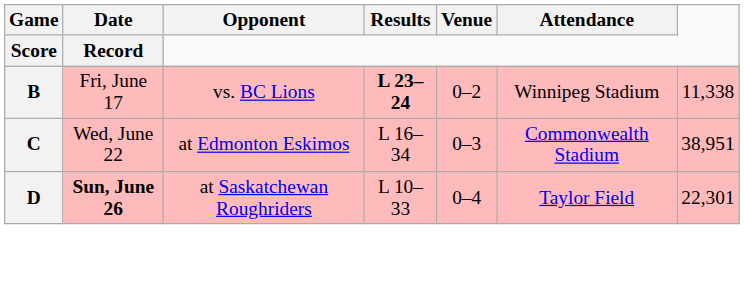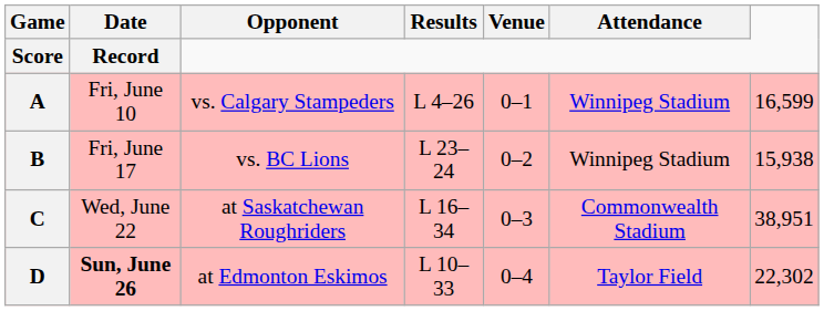 <table class="wikitable" style="text-align:center">
 <tr>
 <th>Game</th>
 <th>Date</th>
 <th>Opponent</th>
 <th>Results</th>
 <th>Venue</th>
 <th>Attendance</th>
 </tr>
 <tr>
 <th>Score</th>
 <th>Record</th>
 </tr>
 <tr style="background:#ffbbbb">
+<th>A</th>
+<td>Fri, June 10</td>
+<td>vs. <a href='#'>Calgary Stampeders</a></td>
+<td>L 4–26</td>
+<td>0–1</td>
+<td><a href='#'>Winnipeg Stadium</a></td>
+<td>16,599</td>
+</tr>
+<tr style="background:#ffbbbb">
 <th>B</th>
 <td>Fri, June 17</td>
 <td>vs. <a href='#'>BC Lions</a></td>
-<td><strong>L 23–24</strong></td>
+<td>L 23–24</td>
 <td>0–2</td>
 <td>Winnipeg Stadium</td>
-<td>11,338</td>
+<td>15,938</td>
 </tr>
 <tr style="background:#ffbbbb">
 <th>C</th>
 <td>Wed, June 22</td>
-<td>at <a href='#'>Edmonton Eskimos</a></td>
+<td>at <a href='#'>Saskatchewan Roughriders</a></td>
 <td>L 16–34</td>
 <td>0–3</td>
 <td><a href='#'>Commonwealth Stadium</a></td>
 <td>38,951</td>
 </tr>
 <tr style="background:#ffbbbb">
 <th>D</th>
 <td><strong>Sun, June 26</strong></td>
-<td>at <a href='#'>Saskatchewan Roughriders</a></td>
+<td>at <a href='#'>Edmonton Eskimos</a></td>
 <td>L 10–33</td>
 <td>0–4</td>
 <td><a href='#'>Taylor Field</a></td>
-<td>22,301</td>
+<td>22,302</td>
 </tr>
 </table>
